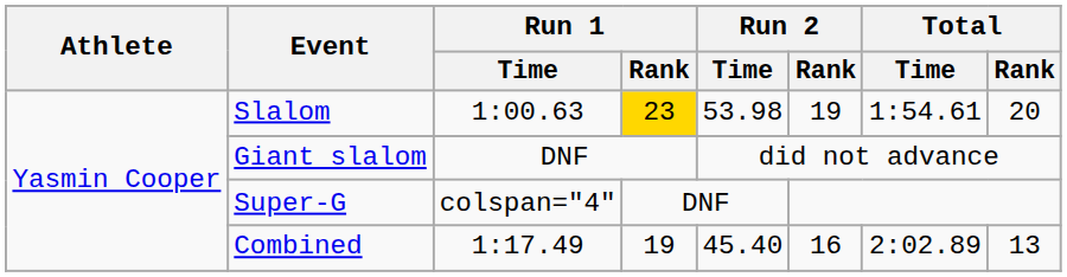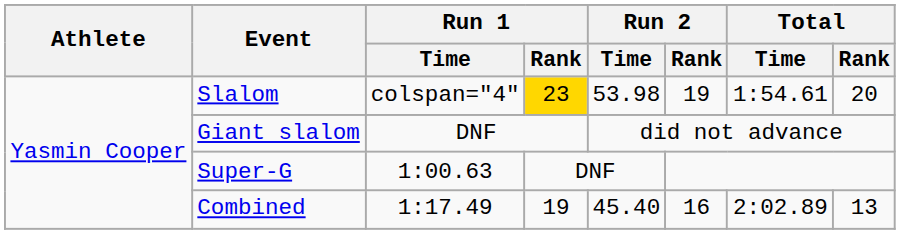 <table class="wikitable" style="font-size:90%">
 <tr>
 <th rowspan=2>Athlete</th>
 <th rowspan=2>Event</th>
 <th colspan=2>Run 1</th>
 <th colspan=2>Run 2</th>
 <th colspan=2>Total</th>
 </tr>
 <tr style="font-size:95%">
 <th>Time</th>
 <th>Rank</th>
 <th>Time</th>
 <th>Rank</th>
 <th>Time</th>
 <th>Rank</th>
 </tr>
 <tr align=center>
 <td align="left" rowspan="4"><a href='#'>Yasmin Cooper</a></td>
 <td align="left"><a href='#'>Slalom</a></td>
-<td>1:00.63</td>
+<td>colspan="4" </td>
 <td style="background: gold;">23</td>
 <td>53.98</td>
 <td>19</td>
 <td>1:54.61</td>
 <td>20</td>
 </tr>
 <tr align=center>
 <td align="left"><a href='#'>Giant slalom</a></td>
 <td colspan=2>DNF</td>
 <td colspan=4>did not advance</td>
 </tr>
 <tr align=center>
 <td align="left"><a href='#'>Super-G</a></td>
-<td>colspan="4" </td>
+<td>1:00.63</td>
 <td colspan=2>DNF</td>
 </tr>
 <tr align=center>
 <td align="left"><a href='#'>Combined</a></td>
 <td>1:17.49</td>
 <td>19</td>
 <td>45.40</td>
 <td>16</td>
 <td>2:02.89</td>
 <td>13</td>
 </tr>
 </table>
